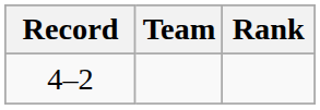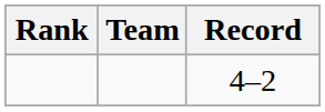 <table class="wikitable" style="text-align: center;">
 <tr>
+<th width=40>Rank</th>
+<th width=fit>Team</th>
 <th width=60>Record</th>
-<th width=fit>Team</th>
-<th width=40>Rank</th>
 </tr>
 <tr>
+<td></td>
+<td align=left></td>
 <td>4–2</td>
-<td align=left></td>
-<td></td>
 </tr>
 </table>
